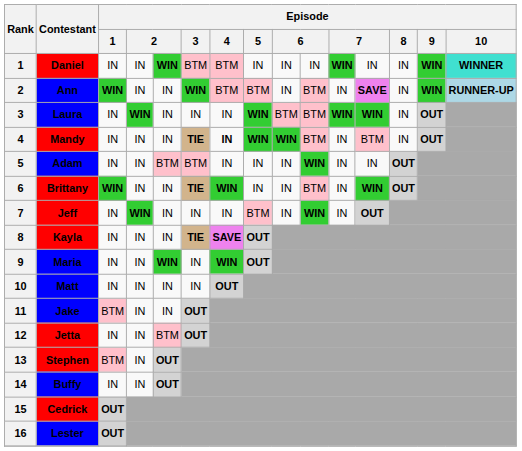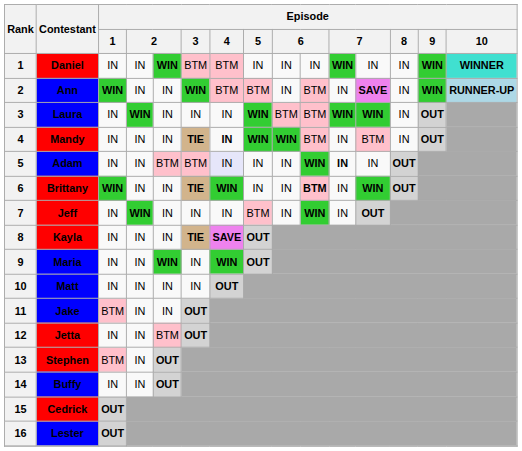 <table class="wikitable" style="text-align: center; font-size: 8.5pt; line-height:20px;">
 <tr>
 <th rowspan=2>Rank</th>
 <th rowspan=2>Contestant</th>
 <th colspan=13>Episode</th>
 </tr>
 <tr>
 <th>1</th>
 <th colspan=2>2</th>
 <th>3</th>
 <th>4</th>
 <th>5</th>
 <th colspan=2>6</th>
 <th colspan=2>7</th>
 <th>8</th>
 <th>9</th>
 <th>10</th>
 </tr>
 <tr>
 <th>1</th>
 <td style="background:red"><span><strong>Daniel</strong></span></td>
 <td>IN</td>
 <td>IN</td>
 <td style="background:limegreen;"><strong>WIN</strong></td>
 <td style="background:pink;">BTM</td>
 <td style="background:pink;">BTM</td>
 <td>IN</td>
 <td>IN</td>
 <td>IN</td>
 <td style="background:limegreen;"><strong>WIN</strong></td>
 <td>IN</td>
 <td>IN</td>
 <td style="background:limegreen;"><strong>WIN</strong></td>
 <td style="background:turquoise;"><strong>WINNER</strong></td>
 </tr>
 <tr>
 <th>2</th>
 <td style="background:blue"><span><strong>Ann</strong></span></td>
 <td style="background:limegreen;"><strong>WIN</strong></td>
 <td>IN</td>
 <td>IN</td>
 <td style="background:limegreen;"><strong>WIN</strong></td>
 <td style="background:pink;">BTM</td>
 <td style="background:pink;">BTM</td>
 <td>IN</td>
 <td style="background:pink;">BTM</td>
 <td>IN</td>
 <td style="background:violet;"><strong>SAVE</strong></td>
 <td>IN</td>
 <td style="background:limegreen;"><strong>WIN</strong></td>
 <td style="background:lightblue;"><strong>RUNNER-UP</strong></td>
 </tr>
 <tr>
 <th>3</th>
 <td style="background:blue"><span><strong>Laura</strong></span></td>
 <td>IN</td>
 <td style="background:limegreen;"><strong>WIN</strong></td>
 <td>IN</td>
 <td>IN</td>
 <td>IN</td>
 <td style="background:limegreen;"><strong>WIN</strong></td>
 <td style="background:pink;">BTM</td>
 <td style="background:pink;">BTM</td>
 <td style="background:limegreen;"><strong>WIN</strong></td>
 <td style="background:limegreen;"><strong>WIN</strong></td>
 <td>IN</td>
 <td style="background:lightgray;"><strong>OUT</strong></td>
 <td colspan="1" style="background:darkgrey;"></td>
 </tr>
 <tr>
 <th>4</th>
 <td style="background:red"><span><strong>Mandy</strong></span></td>
 <td>IN</td>
 <td>IN</td>
 <td>IN</td>
 <td style="background:tan;"><strong>TIE</strong></td>
 <td><strong>IN</strong></td>
 <td style="background:limegreen;"><strong>WIN</strong></td>
 <td style="background:limegreen;"><strong>WIN</strong></td>
 <td style="background:pink;">BTM</td>
 <td>IN</td>
 <td style="background:pink;">BTM</td>
 <td>IN</td>
 <td style="background:lightgray;"><strong>OUT</strong></td>
 <td colspan="1" style="background:darkgrey;"></td>
 </tr>
 <tr>
 <th>5</th>
 <td style="background:blue"><span><strong>Adam</strong></span></td>
 <td>IN</td>
 <td>IN</td>
 <td style="background:pink;">BTM</td>
 <td style="background:pink;">BTM</td>
-<td>IN</td>
+<td style="background: lavender;">IN</td>
 <td>IN</td>
 <td>IN</td>
 <td style="background:limegreen;"><strong>WIN</strong></td>
-<td>IN</td>
+<td><strong>IN</strong></td>
 <td>IN</td>
 <td style="background:lightgray;"><strong>OUT</strong></td>
 <td colspan="2" style="background:darkgrey;"></td>
 </tr>
 <tr>
 <th>6</th>
 <td style="background:red"><span><strong>Brittany</strong></span></td>
 <td style="background:limegreen;"><strong>WIN</strong></td>
 <td>IN</td>
 <td>IN</td>
 <td style="background:tan;"><strong>TIE</strong></td>
 <td style="background:limegreen;"><strong>WIN</strong></td>
 <td>IN</td>
 <td>IN</td>
-<td style="background:pink;">BTM</td>
+<td style="background:pink;"><strong>BTM</strong></td>
 <td>IN</td>
 <td style="background:limegreen;"><strong>WIN</strong></td>
 <td style="background:lightgray;"><strong>OUT</strong></td>
 <td colspan="2" style="background:darkgrey;"></td>
 </tr>
 <tr>
 <th>7</th>
 <td style="background:red"><span><strong>Jeff</strong></span></td>
 <td>IN</td>
 <td style="background:limegreen;"><strong>WIN</strong></td>
 <td>IN</td>
 <td>IN</td>
 <td>IN</td>
 <td style="background:pink;">BTM</td>
 <td>IN</td>
 <td style="background:limegreen;"><strong>WIN</strong></td>
 <td>IN</td>
 <td style="background:lightgray;"><strong>OUT</strong></td>
 <td colspan="3" style="background:darkgrey;"></td>
 </tr>
 <tr>
 <th>8</th>
 <td style="background:red"><span><strong>Kayla</strong></span></td>
 <td>IN</td>
 <td>IN</td>
 <td>IN</td>
 <td style="background:tan;"><strong>TIE</strong></td>
 <td style="background:violet;"><strong>SAVE</strong></td>
 <td style="background:lightgray;"><strong>OUT</strong></td>
 <td colspan="7" style="background:darkgrey;"></td>
 </tr>
 <tr>
 <th>9</th>
 <td style="background:blue"><span><strong>Maria</strong></span></td>
 <td>IN</td>
 <td>IN</td>
 <td style="background:limegreen;"><strong>WIN</strong></td>
 <td>IN</td>
 <td style="background:limegreen;"><strong>WIN</strong></td>
 <td style="background:lightgray;"><strong>OUT</strong></td>
 <td colspan="7" style="background:darkgrey;"></td>
 </tr>
 <tr>
 <th>10</th>
 <td style="background:blue"><span><strong>Matt</strong></span></td>
 <td>IN</td>
 <td>IN</td>
 <td>IN</td>
 <td>IN</td>
 <td style="background:lightgray;"><strong>OUT</strong></td>
 <td colspan="8" style="background:darkgrey;"></td>
 </tr>
 <tr>
 <th>11</th>
 <td style="background:blue"><span><strong>Jake</strong></span></td>
 <td style="background:pink;">BTM</td>
 <td>IN</td>
 <td>IN</td>
 <td style="background:lightgray;"><strong>OUT</strong></td>
 <td colspan="9" style="background:darkgrey;"></td>
 </tr>
 <tr>
 <th>12</th>
 <td style="background:red"><span><strong>Jetta</strong></span></td>
 <td>IN</td>
 <td>IN</td>
 <td style="background:pink;">BTM</td>
 <td style="background:lightgray;"><strong>OUT</strong></td>
 <td colspan="9" style="background:darkgrey;"></td>
 </tr>
 <tr>
 <th>13</th>
 <td style="background:red"><span><strong>Stephen</strong></span></td>
 <td style="background:pink;">BTM</td>
 <td>IN</td>
 <td style="background:lightgray;"><strong>OUT</strong></td>
 <td colspan="10" style="background:darkgrey;"></td>
 </tr>
 <tr>
 <th>14</th>
 <td style="background:blue"><span><strong>Buffy</strong></span></td>
 <td>IN</td>
 <td>IN</td>
 <td style="background:lightgray;"><strong>OUT</strong></td>
 <td colspan="10" style="background:darkgrey;"></td>
 </tr>
 <tr>
 <th>15</th>
 <td style="background:red"><span><strong>Cedrick</strong></span></td>
 <td style="background:lightgray;"><strong>OUT</strong></td>
 <td colspan="12" style="background:darkgrey;"></td>
 </tr>
 <tr>
 <th>16</th>
 <td style="background:blue"><span><strong>Lester</strong></span></td>
 <td style="background:lightgray;"><strong>OUT</strong></td>
 <td colspan="12" style="background:darkgrey;"></td>
 </tr>
 <tr>
 </tr>
 </table>
